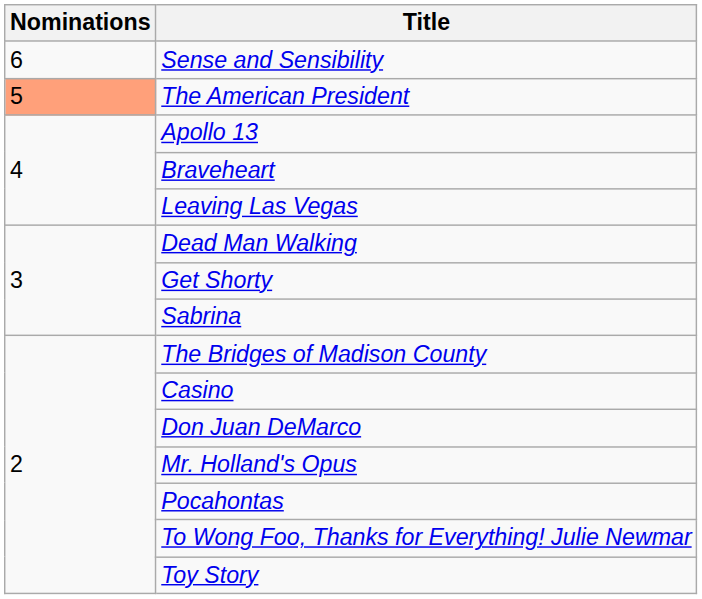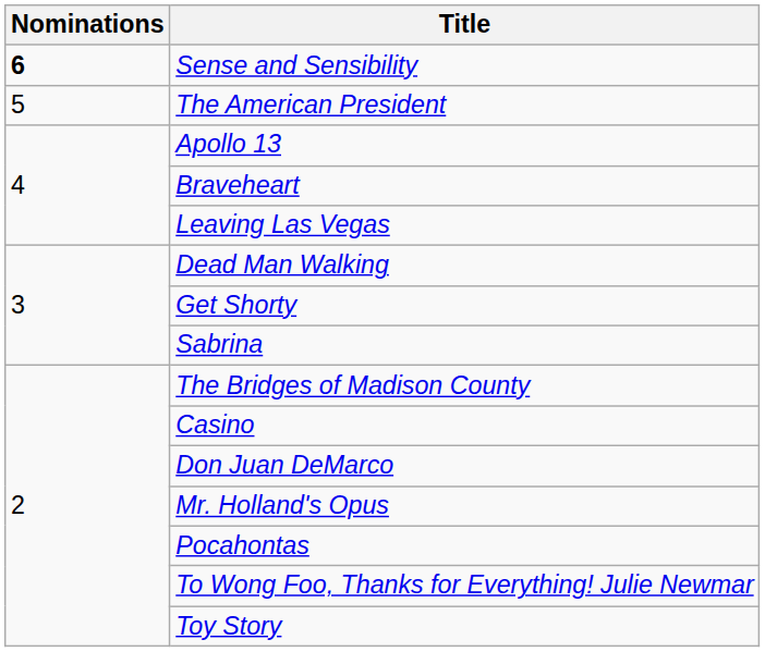 <table class="wikitable">
 <tr>
 <th>Nominations</th>
 <th>Title</th>
 </tr>
 <tr>
-<td>6</td>
+<td><strong>6</strong></td>
 <td><em><a href='#'>Sense and Sensibility</a></em></td>
 </tr>
 <tr>
-<td style="background: lightsalmon;">5</td>
+<td>5</td>
 <td><em><a href='#'>The American President</a></em></td>
 </tr>
 <tr>
 <td rowspan="3">4</td>
 <td><em><a href='#'>Apollo 13</a></em></td>
 </tr>
 <tr>
 <td><em><a href='#'>Braveheart</a></em></td>
 </tr>
 <tr>
 <td><em><a href='#'>Leaving Las Vegas</a></em></td>
 </tr>
 <tr>
 <td rowspan="3">3</td>
 <td><em><a href='#'>Dead Man Walking</a></em></td>
 </tr>
 <tr>
 <td><em><a href='#'>Get Shorty</a></em></td>
 </tr>
 <tr>
 <td><em><a href='#'>Sabrina</a></em></td>
 </tr>
 <tr>
 <td rowspan="7">2</td>
 <td><em><a href='#'>The Bridges of Madison County</a></em></td>
 </tr>
 <tr>
 <td><em><a href='#'>Casino</a></em></td>
 </tr>
 <tr>
 <td><em><a href='#'>Don Juan DeMarco</a></em></td>
 </tr>
 <tr>
 <td><em><a href='#'>Mr. Holland's Opus</a></em></td>
 </tr>
 <tr>
 <td><em><a href='#'>Pocahontas</a></em></td>
 </tr>
 <tr>
 <td><em><a href='#'>To Wong Foo, Thanks for Everything! Julie Newmar</a></em></td>
 </tr>
 <tr>
 <td><em><a href='#'>Toy Story</a></em></td>
 </tr>
 </table>
